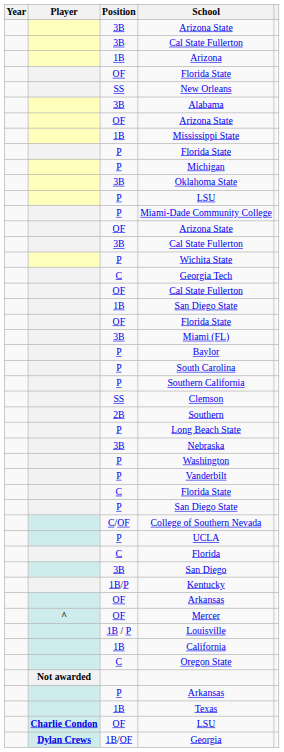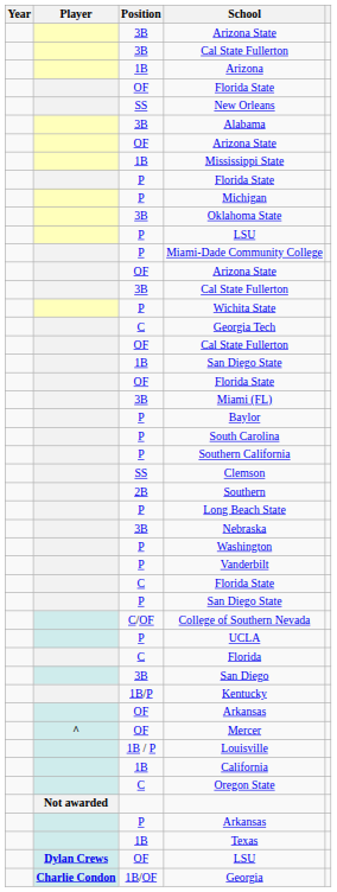 <table class="wikitable sortable plainrowheaders" style="text-align:center;">
 <tr>
 <th scope="col">Year</th>
 <th scope="col">Player</th>
 <th scope="col">Position</th>
 <th scope="col">School</th>
 <th scope="col" class="unsortable"></th>
 </tr>
 <tr>
 <td></td>
 <th scope="row" style="text-align:center; background-color: #ffffbb"><em></em></th>
 <td><a href='#'>3B</a></td>
 <td><a href='#'>Arizona State</a></td>
 <td></td>
 </tr>
 <tr>
 <td></td>
 <th scope="row" style="text-align:center; background-color: #ffffbb"></th>
 <td><a href='#'>3B</a></td>
 <td><a href='#'>Cal State Fullerton</a></td>
 <td></td>
 </tr>
 <tr>
 <td></td>
 <th scope="row" style="text-align:center; background-color: #ffffbb"></th>
 <td><a href='#'>1B</a></td>
 <td><a href='#'>Arizona</a></td>
 <td></td>
 </tr>
 <tr>
 <td></td>
 <th scope="row" style="text-align:center"></th>
 <td><a href='#'>OF</a></td>
 <td><a href='#'>Florida State</a></td>
 <td></td>
 </tr>
 <tr>
 <td></td>
 <th scope="row" style="text-align:center"></th>
 <td><a href='#'>SS</a></td>
 <td><a href='#'>New Orleans</a></td>
 <td></td>
 </tr>
 <tr>
 <td></td>
 <th scope="row" style="text-align:center; background-color: #ffffbb"></th>
 <td><a href='#'>3B</a></td>
 <td><a href='#'>Alabama</a></td>
 <td></td>
 </tr>
 <tr>
 <td></td>
 <th scope="row" style="text-align:center; background-color: #ffffbb"></th>
 <td><a href='#'>OF</a></td>
 <td><a href='#'>Arizona State</a></td>
 <td></td>
 </tr>
 <tr>
 <td></td>
 <th scope="row" style="text-align:center; background-color: #ffffbb"></th>
 <td><a href='#'>1B</a></td>
 <td><a href='#'>Mississippi State</a></td>
 <td></td>
 </tr>
 <tr>
 <td></td>
 <th scope="row" style="text-align:center"></th>
 <td><a href='#'>P</a></td>
 <td><a href='#'>Florida State</a></td>
 <td></td>
 </tr>
 <tr>
 <td></td>
 <th scope="row" style="text-align:center; background-color: #ffffbb"></th>
 <td><a href='#'>P</a></td>
 <td><a href='#'>Michigan</a></td>
 <td></td>
 </tr>
 <tr>
 <td></td>
 <th scope="row" style="text-align:center; background-color: #ffffbb"></th>
 <td><a href='#'>3B</a></td>
 <td><a href='#'>Oklahoma State</a></td>
 <td></td>
 </tr>
 <tr>
 <td></td>
 <th scope="row" style="text-align:center; background-color: #ffffbb"><em></em></th>
 <td><a href='#'>P</a></td>
 <td><a href='#'>LSU</a></td>
 <td></td>
 </tr>
 <tr>
 <td></td>
 <th scope="row" style="text-align:center"></th>
 <td><a href='#'>P</a></td>
 <td><a href='#'>Miami-Dade Community College</a></td>
 <td></td>
 </tr>
 <tr>
 <td></td>
 <th scope="row" style="text-align:center"></th>
 <td><a href='#'>OF</a></td>
 <td><a href='#'>Arizona State</a></td>
 <td></td>
 </tr>
 <tr>
 <td></td>
 <th scope="row" style="text-align:center"><em></em></th>
 <td><a href='#'>3B</a></td>
 <td><a href='#'>Cal State Fullerton</a></td>
 <td></td>
 </tr>
 <tr>
 <td></td>
 <th scope="row" style="text-align:center; background-color: #ffffbb"></th>
 <td><a href='#'>P</a></td>
 <td><a href='#'>Wichita State</a></td>
 <td></td>
 </tr>
 <tr>
 <td></td>
 <th scope="row" style="text-align:center"></th>
 <td><a href='#'>C</a></td>
 <td><a href='#'>Georgia Tech</a></td>
 <td></td>
 </tr>
 <tr>
 <td></td>
 <th scope="row" style="text-align:center"></th>
 <td><a href='#'>OF</a></td>
 <td><a href='#'>Cal State Fullerton</a></td>
 <td></td>
 </tr>
 <tr>
 <td></td>
 <th scope="row" style="text-align:center"></th>
 <td><a href='#'>1B</a></td>
 <td><a href='#'>San Diego State</a></td>
 <td></td>
 </tr>
 <tr>
 <td></td>
 <th scope="row" style="text-align:center"></th>
 <td><a href='#'>OF</a></td>
 <td><a href='#'>Florida State</a></td>
 <td></td>
 </tr>
 <tr>
 <td></td>
 <th scope="row" style="text-align:center"><em></em></th>
 <td><a href='#'>3B</a></td>
 <td><a href='#'>Miami (FL)</a></td>
 <td></td>
 </tr>
 <tr>
 <td></td>
 <th scope="row" style="text-align:center"></th>
 <td><a href='#'>P</a></td>
 <td><a href='#'>Baylor</a></td>
 <td></td>
 </tr>
 <tr>
 <td></td>
 <th scope="row" style="text-align:center"></th>
 <td><a href='#'>P</a></td>
 <td><a href='#'>South Carolina</a></td>
 <td></td>
 </tr>
 <tr>
 <td></td>
 <th scope="row" style="text-align:center"></th>
 <td><a href='#'>P</a></td>
 <td><a href='#'>Southern California</a></td>
 <td></td>
 </tr>
 <tr>
 <td></td>
 <th scope="row" style="text-align:center"></th>
 <td><a href='#'>SS</a></td>
 <td><a href='#'>Clemson</a></td>
 <td></td>
 </tr>
 <tr>
 <td></td>
 <th scope="row" style="text-align:center;"></th>
 <td><a href='#'>2B</a></td>
 <td><a href='#'>Southern</a></td>
 <td></td>
 </tr>
 <tr>
 <td></td>
 <th scope="row" style="text-align:center;"></th>
 <td><a href='#'>P</a></td>
 <td><a href='#'>Long Beach State</a></td>
 <td></td>
 </tr>
 <tr>
 <td></td>
 <th scope="row" style="text-align:center;"></th>
 <td><a href='#'>3B</a></td>
 <td><a href='#'>Nebraska</a></td>
 <td></td>
 </tr>
 <tr>
 <td></td>
 <th scope="row" style="text-align:center;"></th>
 <td><a href='#'>P</a></td>
 <td><a href='#'>Washington</a></td>
 <td></td>
 </tr>
 <tr>
 <td></td>
 <th scope="row" style="text-align:center"><em></em></th>
 <td><a href='#'>P</a></td>
 <td><a href='#'>Vanderbilt</a></td>
 <td></td>
 </tr>
 <tr>
 <td></td>
 <th scope="row" style="text-align:center"></th>
 <td><a href='#'>C</a></td>
 <td><a href='#'>Florida State</a></td>
 <td></td>
 </tr>
 <tr>
 <td></td>
 <th scope="row" style="text-align:center”"><em></em></th>
 <td><a href='#'>P</a></td>
 <td><a href='#'>San Diego State</a></td>
 <td></td>
 </tr>
 <tr>
 <td></td>
 <th scope="row" style="text-align:center; background:#cfecec;"><em></em></th>
 <td><a href='#'>C</a>/<a href='#'>OF</a></td>
 <td><a href='#'>College of Southern Nevada</a></td>
 <td></td>
 </tr>
 <tr>
 <td></td>
 <th scope="row" style="text-align:center; background:#cfecec;"></th>
 <td><a href='#'>P</a></td>
 <td><a href='#'>UCLA</a></td>
 <td></td>
 </tr>
 <tr>
 <td></td>
 <th scope="row" style="text-align:center;"></th>
 <td><a href='#'>C</a></td>
 <td><a href='#'>Florida</a></td>
 <td></td>
 </tr>
 <tr>
 <td></td>
 <th scope="row" style="text-align:center; background:#cfecec;"></th>
 <td><a href='#'>3B</a></td>
 <td><a href='#'>San Diego</a></td>
 <td></td>
 </tr>
 <tr>
 <td></td>
 <th scope="row" style="text-align:center;"></th>
 <td><a href='#'>1B</a>/<a href='#'>P</a></td>
 <td><a href='#'>Kentucky</a></td>
 <td></td>
 </tr>
 <tr>
 <td></td>
 <th scope="row" style="text-align:center; background:#cfecec;"></th>
 <td><a href='#'>OF</a></td>
 <td><a href='#'>Arkansas</a></td>
 <td></td>
 </tr>
 <tr>
 <td></td>
 <th scope="row" style="text-align:center; background:#cfecec;">^</th>
 <td><a href='#'>OF</a></td>
 <td><a href='#'>Mercer</a></td>
 <td></td>
 </tr>
 <tr>
 <td></td>
 <th scope="row" style="text-align:center; background:#cfecec;"></th>
 <td><a href='#'>1B</a> / <a href='#'>P</a></td>
 <td><a href='#'>Louisville</a></td>
 <td></td>
 </tr>
 <tr>
 <td></td>
 <th scope="row" style="text-align:center; background:#cfecec;"></th>
 <td><a href='#'>1B</a></td>
 <td><a href='#'>California</a></td>
 <td></td>
 </tr>
 <tr>
 <td></td>
 <th scope="row" style="text-align:center; background:#cfecec;"><em></em></th>
 <td><a href='#'>C</a></td>
 <td><a href='#'>Oregon State</a></td>
 <td></td>
 </tr>
 <tr>
 <td></td>
 <th scope="row" style="text-align:center">Not awarded</th>
 <td></td>
 <td></td>
 <td></td>
 </tr>
 <tr>
 <td></td>
 <th scope="row" style="text-align:center; background:#cfecec;"></th>
 <td><a href='#'>P</a></td>
 <td><a href='#'>Arkansas</a></td>
 <td></td>
 </tr>
 <tr>
 <td></td>
 <th scope="row" style="text-align:center; background:#cfecec;"></th>
 <td><a href='#'>1B</a></td>
 <td><a href='#'>Texas</a></td>
 <td></td>
 </tr>
 <tr>
 <td></td>
-<th scope="row" style="text-align:center; background:#cfecec;"><a href='#'>Charlie Condon</a></th>
+<th scope="row" style="text-align:center; background:#cfecec;"><a href='#'>Dylan Crews</a></th>
 <td><a href='#'>OF</a></td>
 <td><a href='#'>LSU</a></td>
 <td></td>
 </tr>
 <tr>
 <td></td>
-<th scope="row" style="text-align:center; background:#cfecec;"><a href='#'>Dylan Crews</a></th>
+<th scope="row" style="text-align:center; background:#cfecec;"><a href='#'>Charlie Condon</a></th>
 <td><a href='#'>1B</a>/<a href='#'>OF</a></td>
 <td><a href='#'>Georgia</a></td>
 <td></td>
 </tr>
 </table>
